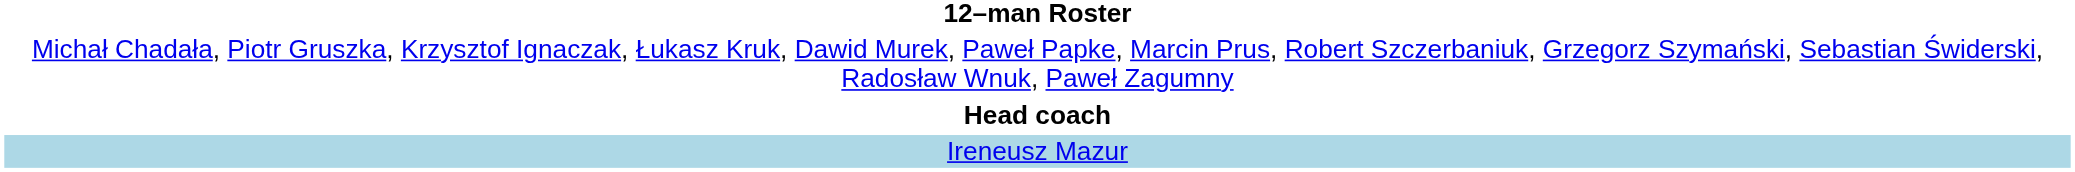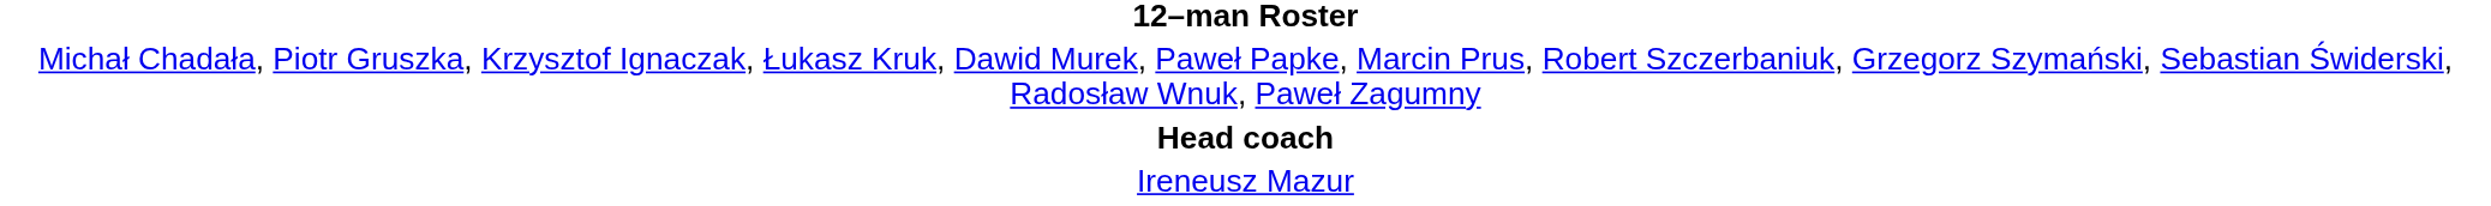 <table style="text-align: center; margin-top: 2em; margin-left: auto; margin-right: auto">
 <tr>
 <td><strong>12–man Roster</strong></td>
 </tr>
 <tr>
 <td><a href='#'>Michał Chadała</a>, <a href='#'>Piotr Gruszka</a>, <a href='#'>Krzysztof Ignaczak</a>, <a href='#'>Łukasz Kruk</a>, <a href='#'>Dawid Murek</a>, <a href='#'>Paweł Papke</a>, <a href='#'>Marcin Prus</a>, <a href='#'>Robert Szczerbaniuk</a>, <a href='#'>Grzegorz Szymański</a>, <a href='#'>Sebastian Świderski</a>, <a href='#'>Radosław Wnuk</a>, <a href='#'>Paweł Zagumny</a></td>
 </tr>
 <tr>
 <td><strong>Head coach</strong></td>
 </tr>
 <tr>
-<td style="background: lightblue;"><a href='#'>Ireneusz Mazur</a></td>
+<td><a href='#'>Ireneusz Mazur</a></td>
 </tr>
 </table>
